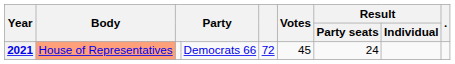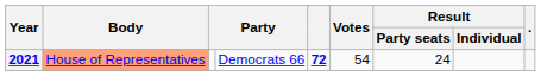 <table class="wikitable plainrowheaders sortable" border=2 cellpadding=4 cellspacing=0 style="border: 1px #aaa solid; font-size: 90%; text-align:center;">
 <tr>
 <th scope="col" rowspan=2>Year</th>
 <th scope="col" rowspan=2>Body</th>
 <th scope="col" colspan=2 rowspan=2>Party</th>
 <th scope="col" rowspan=2></th>
 <th scope="col" rowspan=2>Votes</th>
 <th scope="colgroup" colspan=2>Result</th>
 <th scope="col" rowspan=2 class="unsortable">.</th>
 </tr>
 <tr>
 <th scope="col">Party seats</th>
 <th scope="col">Individual</th>
 </tr>
 <tr>
 <th scope="row"><a href='#'>2021</a></th>
 <td style="background: lightsalmon;"><a href='#'>House of Representatives</a></td>
 <td style="background-color:"></td>
 <td><a href='#'>Democrats 66</a></td>
-<td style=text-align:right><a href='#'>72</a></td>
-<td style=text-align:right>45</td>
+<td style=text-align:right><strong><a href='#'>72</a></strong></td>
+<td style=text-align:right>54</td>
 <td style=text-align:right>24</td>
 <td></td>
 <td></td>
 </tr>
 </table>
